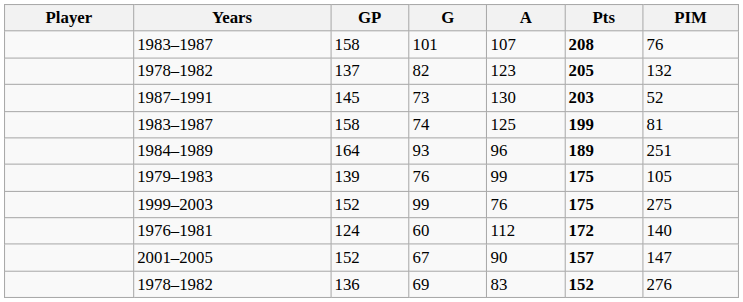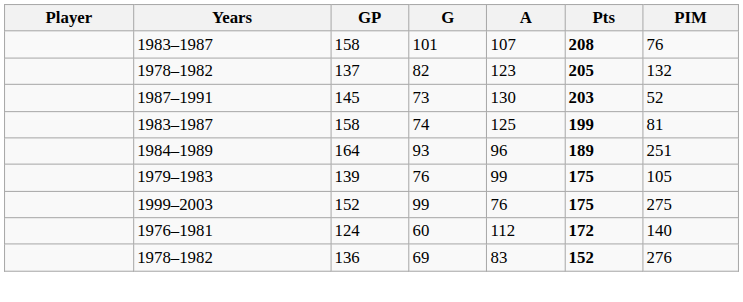 <table class="wikitable sortable" width ="700" cellpadding="1" border="1" cellspacing="0">
 <tr>
 <th>Player</th>
 <th>Years</th>
 <th>GP</th>
 <th>G</th>
 <th>A</th>
 <th>Pts</th>
 <th>PIM</th>
 </tr>
 <tr>
 <td></td>
 <td>1983–1987</td>
 <td>158</td>
 <td>101</td>
 <td>107</td>
 <td><strong>208</strong></td>
 <td>76</td>
 </tr>
 <tr>
 <td></td>
 <td>1978–1982</td>
 <td>137</td>
 <td>82</td>
 <td>123</td>
 <td><strong>205</strong></td>
 <td>132</td>
 </tr>
 <tr>
 <td></td>
 <td>1987–1991</td>
 <td>145</td>
 <td>73</td>
 <td>130</td>
 <td><strong>203</strong></td>
 <td>52</td>
 </tr>
 <tr>
 <td></td>
 <td>1983–1987</td>
 <td>158</td>
 <td>74</td>
 <td>125</td>
 <td><strong>199</strong></td>
 <td>81</td>
 </tr>
 <tr>
 <td></td>
 <td>1984–1989</td>
 <td>164</td>
 <td>93</td>
 <td>96</td>
 <td><strong>189</strong></td>
 <td>251</td>
 </tr>
 <tr>
 <td></td>
 <td>1979–1983</td>
 <td>139</td>
 <td>76</td>
 <td>99</td>
 <td><strong>175</strong></td>
 <td>105</td>
 </tr>
 <tr>
 <td></td>
 <td>1999–2003</td>
 <td>152</td>
 <td>99</td>
 <td>76</td>
 <td><strong>175</strong></td>
 <td>275</td>
 </tr>
 <tr>
 <td></td>
 <td>1976–1981</td>
 <td>124</td>
 <td>60</td>
 <td>112</td>
 <td><strong>172</strong></td>
 <td>140</td>
 </tr>
 <tr>
 <td></td>
-<td>2001–2005</td>
-<td>152</td>
-<td>67</td>
-<td>90</td>
-<td><strong>157</strong></td>
-<td>147</td>
-</tr>
-<tr>
-<td></td>
 <td>1978–1982</td>
 <td>136</td>
 <td>69</td>
 <td>83</td>
 <td><strong>152</strong></td>
 <td>276</td>
 </tr>
 </table>
